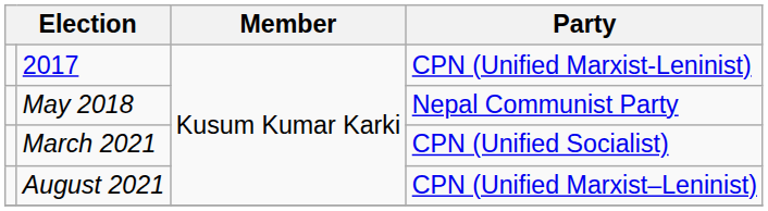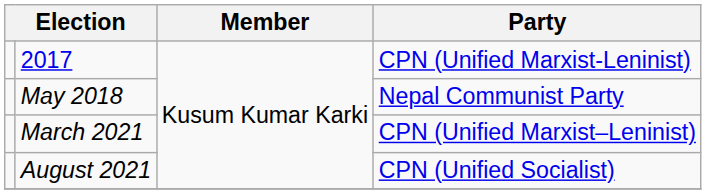 <table class="wikitable">
 <tr>
 <th colspan="2">Election</th>
 <th>Member</th>
 <th>Party</th>
 </tr>
 <tr>
 <td style="background-color:"></td>
 <td><a href='#'>2017</a></td>
 <td rowspan="4">Kusum Kumar Karki</td>
 <td><a href='#'>CPN (Unified Marxist-Leninist)</a></td>
 </tr>
 <tr>
 <td style="background-color:"></td>
 <td><em>May 2018</em></td>
 <td><a href='#'>Nepal Communist Party</a></td>
 </tr>
 <tr>
 <td style="background-color:"></td>
 <td><em>March 2021</em></td>
-<td><a href='#'>CPN (Unified Socialist)</a></td>
+<td><a href='#'>CPN (Unified Marxist–Leninist)</a></td>
 </tr>
 <tr>
 <td style="background-color:"></td>
 <td><em>August 2021</em></td>
-<td><a href='#'>CPN (Unified Marxist–Leninist)</a></td>
+<td><a href='#'>CPN (Unified Socialist)</a></td>
 </tr>
 <tr>
 </tr>
 </table>
